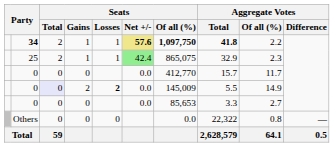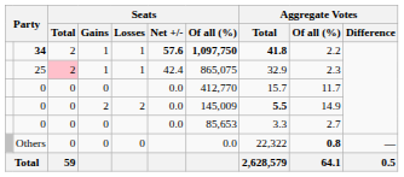 <table class="wikitable sortable" style="text-align:right; font-size:95%;">
 <tr>
 <th colspan="2" rowspan="2">Party</th>
 <th colspan="5">Seats</th>
 <th colspan="3">Aggregate Votes</th>
 </tr>
 <tr>
 <th>Total</th>
 <th>Gains</th>
 <th>Losses</th>
 <th>Net +/-</th>
 <th>Of all (%)</th>
 <th>Total</th>
 <th>Of all (%)</th>
 <th>Difference</th>
 </tr>
 <tr>
 <td></td>
 <td><strong>34</strong></td>
 <td>2</td>
 <td>1</td>
 <td>1</td>
-<td style="background: khaki;"><strong>57.6</strong></td>
+<td><strong>57.6</strong></td>
 <td><strong>1,097,750</strong></td>
 <td><strong>41.8</strong></td>
 <td>2.2</td>
 </tr>
 <tr>
 <td></td>
 <td>25</td>
-<td>2</td>
+<td style="background: pink;">2</td>
 <td>1</td>
 <td>1</td>
-<td style="background: lightgreen;">42.4</td>
+<td>42.4</td>
 <td>865,075</td>
 <td>32.9</td>
 <td>2.3</td>
 </tr>
 <tr>
 <td></td>
 <td>0</td>
 <td>0</td>
 <td>0</td>
 <td></td>
 <td>0.0</td>
 <td>412,770</td>
 <td>15.7</td>
 <td>11.7</td>
 </tr>
 <tr>
 <td></td>
 <td>0</td>
-<td style="background: lavender;">0</td>
+<td>0</td>
 <td>2</td>
-<td><strong>2</strong></td>
+<td>2</td>
 <td>0.0</td>
 <td>145,009</td>
-<td>5.5</td>
+<td><strong>5.5</strong></td>
 <td>14.9</td>
 </tr>
 <tr>
 <td></td>
 <td>0</td>
 <td>0</td>
 <td>0</td>
 <td></td>
 <td>0.0</td>
 <td>85,653</td>
 <td>3.3</td>
 <td>2.7</td>
 </tr>
 <tr>
 <td style="background:silver;"> </td>
 <td align=left>Others</td>
 <td>0</td>
 <td>0</td>
 <td>0</td>
 <td></td>
 <td>0.0</td>
 <td>22,322</td>
-<td>0.8</td>
+<td><strong>0.8</strong></td>
 <td>—</td>
 </tr>
 <tr class="sortbottom">
 <th colspan="2" style="background:#f2f2f2"><strong>Total</strong></th>
 <td style="background:#f2f2f2;"><strong>59</strong></td>
 <td style="background:#f2f2f2;"></td>
 <td style="background:#f2f2f2;"></td>
 <td style="background:#f2f2f2;"></td>
 <td style="background:#f2f2f2;"></td>
 <td style="background:#f2f2f2;"><strong>2,628,579</strong></td>
 <td style="background:#f2f2f2;"><strong>64.1</strong></td>
 <td style="background:#f2f2f2;"><strong>0.5</strong></td>
 </tr>
 </table>
